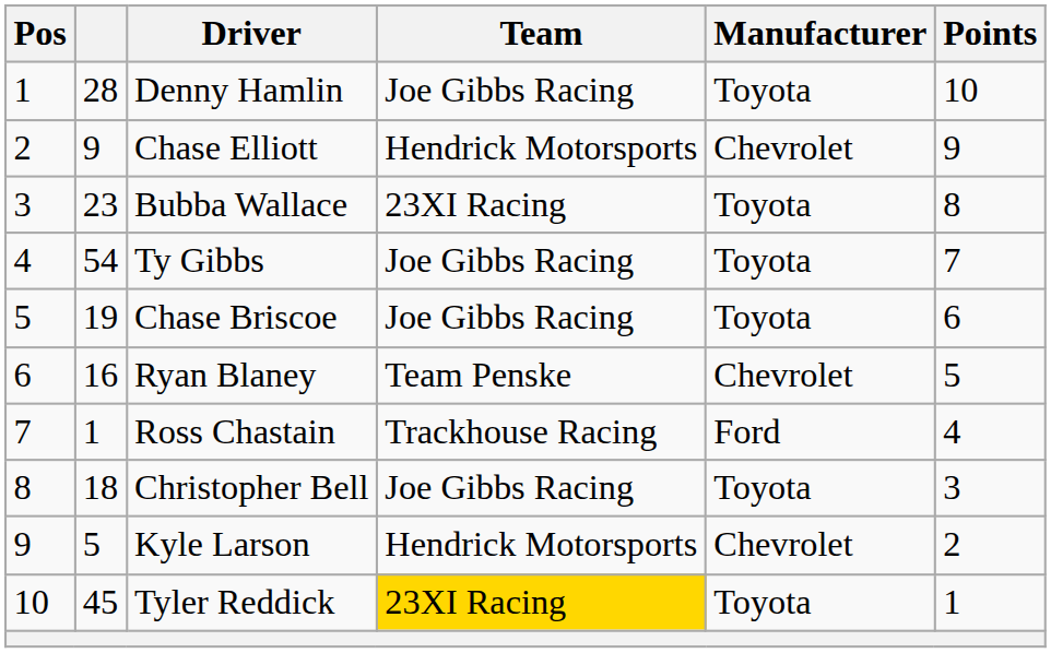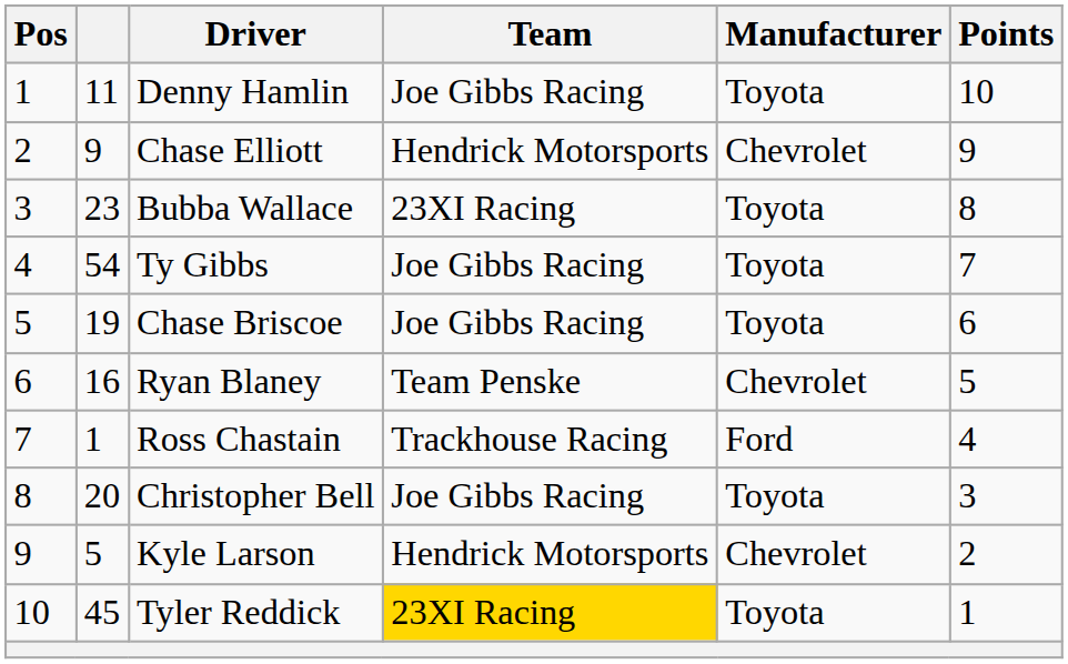 <table class="wikitable" style="font-size:98%">
 <tr>
 <th>Pos</th>
 <th></th>
 <th>Driver</th>
 <th>Team</th>
 <th>Manufacturer</th>
 <th>Points</th>
 </tr>
 <tr>
 <td>1</td>
-<td>28</td>
+<td>11</td>
 <td>Denny Hamlin</td>
 <td>Joe Gibbs Racing</td>
 <td>Toyota</td>
 <td>10</td>
 </tr>
 <tr>
 <td>2</td>
 <td>9</td>
 <td>Chase Elliott</td>
 <td>Hendrick Motorsports</td>
 <td>Chevrolet</td>
 <td>9</td>
 </tr>
 <tr>
 <td>3</td>
 <td>23</td>
 <td>Bubba Wallace</td>
 <td>23XI Racing</td>
 <td>Toyota</td>
 <td>8</td>
 </tr>
 <tr>
 <td>4</td>
 <td>54</td>
 <td>Ty Gibbs</td>
 <td>Joe Gibbs Racing</td>
 <td>Toyota</td>
 <td>7</td>
 </tr>
 <tr>
 <td>5</td>
 <td>19</td>
 <td>Chase Briscoe</td>
 <td>Joe Gibbs Racing</td>
 <td>Toyota</td>
 <td>6</td>
 </tr>
 <tr>
 <td>6</td>
 <td>16</td>
 <td>Ryan Blaney</td>
 <td>Team Penske</td>
 <td>Chevrolet</td>
 <td>5</td>
 </tr>
 <tr>
 <td>7</td>
 <td>1</td>
 <td>Ross Chastain</td>
 <td>Trackhouse Racing</td>
 <td>Ford</td>
 <td>4</td>
 </tr>
 <tr>
 <td>8</td>
-<td>18</td>
+<td>20</td>
 <td>Christopher Bell</td>
 <td>Joe Gibbs Racing</td>
 <td>Toyota</td>
 <td>3</td>
 </tr>
 <tr>
 <td>9</td>
 <td>5</td>
 <td>Kyle Larson</td>
 <td>Hendrick Motorsports</td>
 <td>Chevrolet</td>
 <td>2</td>
 </tr>
 <tr>
 <td>10</td>
 <td>45</td>
 <td>Tyler Reddick</td>
 <td style="background: gold;">23XI Racing</td>
 <td>Toyota</td>
 <td>1</td>
 </tr>
 <tr>
 <th colspan="6"></th>
 </tr>
 </table>
